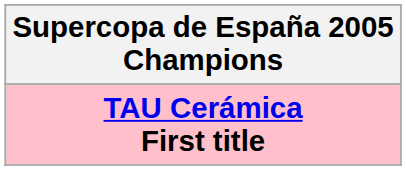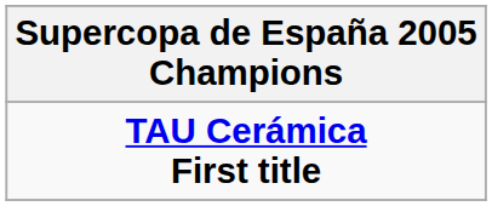 <table class=wikitable style="text-align:center; margin:auto">
 <tr>
 <th>Supercopa de España 2005 <br> Champions</th>
 </tr>
 <tr>
-<td style="background: pink;"><strong><a href='#'>TAU Cerámica</a></strong> <br> <strong>First title</strong></td>
+<td><strong><a href='#'>TAU Cerámica</a></strong> <br> <strong>First title</strong></td>
 </tr>
 </table>
